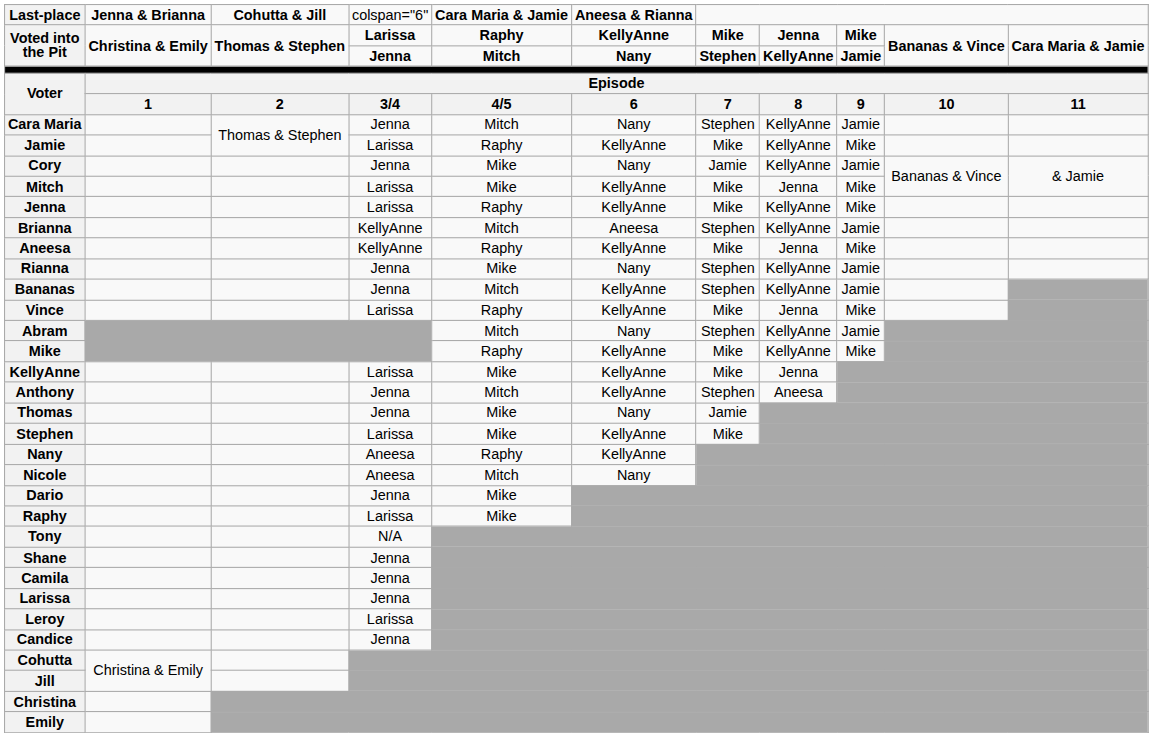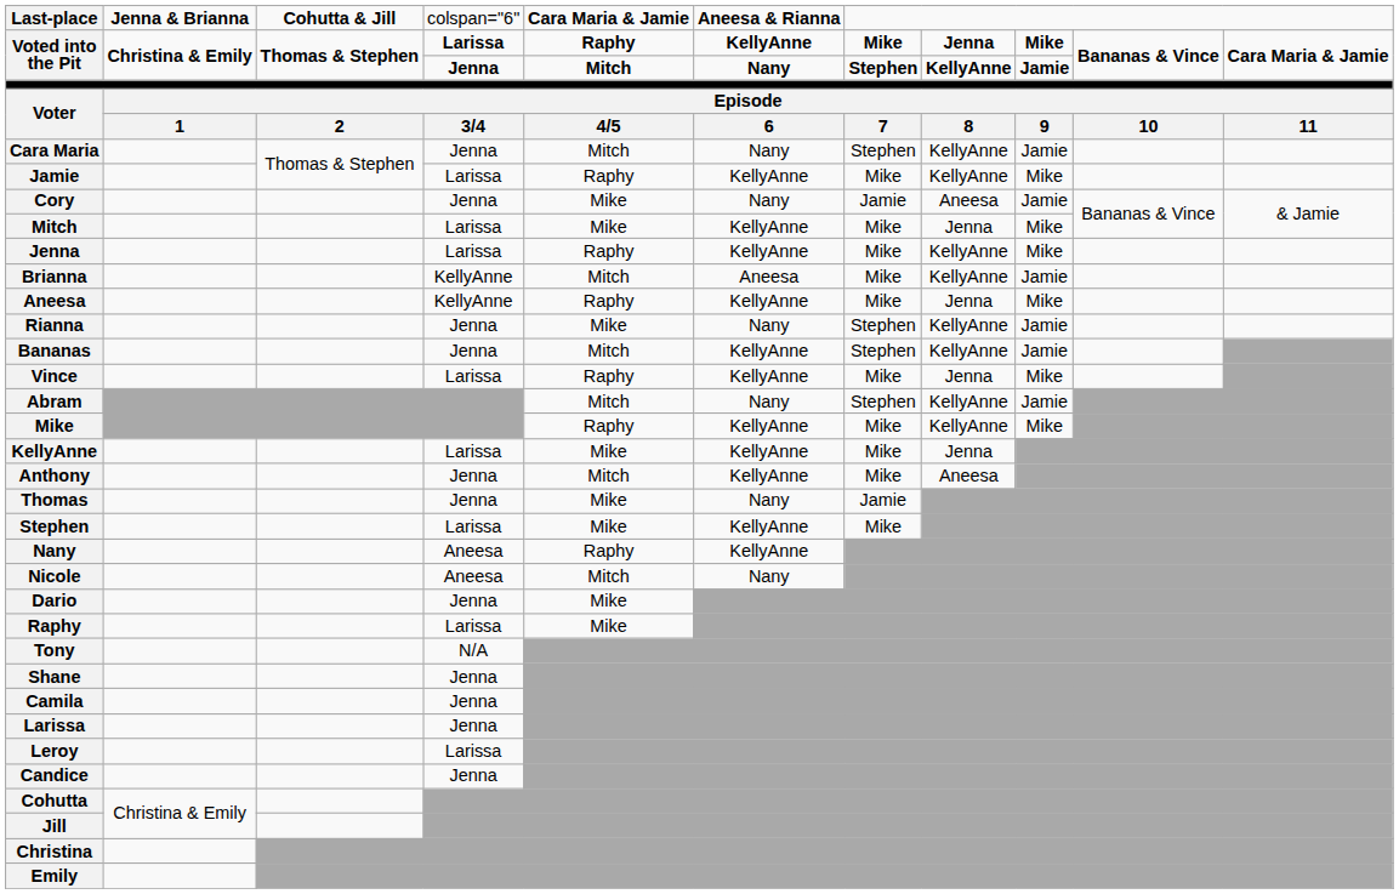 <table class="wikitable" style="text-align:center; line-height:13px; font-size:85%;">
 <tr>
 <th colspan="1" rowspan="1">Last-place</th>
 <td><strong>Jenna & Brianna</strong></td>
 <td><strong>Cohutta & Jill</strong></td>
 <td>colspan="6" </td>
 <td><strong>Cara Maria & Jamie</strong></td>
 <td><strong>Aneesa & Rianna</strong></td>
 </tr>
 <tr>
 <th colspan="1" rowspan="2">Voted into<br>the Pit</th>
 <td rowspan="2"><strong>Christina & Emily</strong><br></td>
 <td rowspan="2"><strong>Thomas & Stephen</strong><br></td>
 <td><strong>Larissa</strong><br></td>
 <td><strong>Raphy</strong><br></td>
 <td><strong>KellyAnne</strong><br></td>
 <td><strong>Mike</strong><br></td>
 <td><strong>Jenna</strong><br></td>
 <td><strong>Mike</strong><br></td>
 <td rowspan=2><strong>Bananas & Vince</strong><br></td>
 <td rowspan="2"><strong>Cara Maria & Jamie </strong><br></td>
 </tr>
 <tr>
 <td><strong>Jenna</strong><br></td>
 <td><strong>Mitch</strong><br></td>
 <td><strong>Nany</strong><br></td>
 <td><strong>Stephen</strong><br></td>
 <td><strong>KellyAnne</strong><br></td>
 <td><strong>Jamie</strong><br></td>
 </tr>
 <tr>
 <th style="background:#000" colspan="13"></th>
 </tr>
 <tr>
 <th colspan=1 rowspan=2>Voter</th>
 <th colspan=10>Episode</th>
 </tr>
 <tr>
 <th>1</th>
 <th>2</th>
 <th>3/4</th>
 <th>4/5</th>
 <th>6</th>
 <th>7</th>
 <th>8</th>
 <th>9</th>
 <th>10</th>
 <th>11</th>
 </tr>
 <tr>
 <th nowrap>Cara Maria</th>
 <td></td>
 <td rowspan="2">Thomas & Stephen</td>
 <td>Jenna</td>
 <td>Mitch</td>
 <td>Nany</td>
 <td>Stephen</td>
 <td>KellyAnne</td>
 <td>Jamie</td>
 <td></td>
 <td></td>
 </tr>
 <tr>
 <th>Jamie</th>
 <td></td>
 <td>Larissa</td>
 <td>Raphy</td>
 <td>KellyAnne</td>
 <td>Mike</td>
 <td>KellyAnne</td>
 <td>Mike</td>
 <td></td>
 <td></td>
 </tr>
 <tr>
 <th>Cory</th>
 <td></td>
 <td></td>
 <td>Jenna</td>
 <td>Mike</td>
 <td>Nany</td>
 <td>Jamie</td>
-<td>KellyAnne</td>
+<td>Aneesa</td>
 <td>Jamie</td>
 <td rowspan="2">Bananas & Vince</td>
 <td rowspan="2"> & Jamie</td>
 </tr>
 <tr>
 <th>Mitch</th>
 <td></td>
 <td></td>
 <td>Larissa</td>
 <td>Mike</td>
 <td>KellyAnne</td>
 <td>Mike</td>
 <td>Jenna</td>
 <td>Mike</td>
 </tr>
 <tr>
 <th>Jenna</th>
 <td></td>
 <td></td>
 <td>Larissa</td>
 <td>Raphy</td>
 <td>KellyAnne</td>
 <td>Mike</td>
 <td>KellyAnne</td>
 <td>Mike</td>
 <td></td>
 <td></td>
 </tr>
 <tr>
 <th>Brianna</th>
 <td></td>
 <td></td>
 <td>KellyAnne</td>
 <td>Mitch</td>
 <td>Aneesa</td>
-<td>Stephen</td>
+<td>Mike</td>
 <td>KellyAnne</td>
 <td>Jamie</td>
 <td></td>
 <td></td>
 </tr>
 <tr>
 <th>Aneesa</th>
 <td></td>
 <td></td>
 <td>KellyAnne</td>
 <td>Raphy</td>
 <td>KellyAnne</td>
 <td>Mike</td>
 <td>Jenna</td>
 <td>Mike</td>
 <td></td>
 <td></td>
 </tr>
 <tr>
 <th>Rianna</th>
 <td></td>
 <td></td>
 <td>Jenna</td>
 <td>Mike</td>
 <td>Nany</td>
 <td>Stephen</td>
 <td>KellyAnne</td>
 <td>Jamie</td>
 <td></td>
 <td></td>
 </tr>
 <tr>
 <th>Bananas</th>
 <td></td>
 <td></td>
 <td>Jenna</td>
 <td>Mitch</td>
 <td>KellyAnne</td>
 <td>Stephen</td>
 <td>KellyAnne</td>
 <td>Jamie</td>
 <td></td>
 <td style="background:darkgray" colspan=1></td>
 </tr>
 <tr>
 <th>Vince</th>
 <td></td>
 <td></td>
 <td>Larissa</td>
 <td>Raphy</td>
 <td>KellyAnne</td>
 <td>Mike</td>
 <td>Jenna</td>
 <td>Mike</td>
 <td></td>
 <td style="background:darkgray" colspan=1></td>
 </tr>
 <tr>
 <th>Abram</th>
 <td style="background:darkgray" rowspan=2 colspan=3></td>
 <td>Mitch</td>
 <td>Nany</td>
 <td>Stephen</td>
 <td>KellyAnne</td>
 <td>Jamie</td>
 <td style="background:darkgray" colspan=2></td>
 </tr>
 <tr>
 <th>Mike</th>
 <td>Raphy</td>
 <td>KellyAnne</td>
 <td>Mike</td>
 <td>KellyAnne</td>
 <td>Mike</td>
 <td style="background:darkgray" colspan=2></td>
 </tr>
 <tr>
 <th>KellyAnne</th>
 <td></td>
 <td></td>
 <td>Larissa</td>
 <td>Mike</td>
 <td>KellyAnne</td>
 <td>Mike</td>
 <td>Jenna</td>
 <td style="background:darkgray" colspan=3></td>
 </tr>
 <tr>
 <th>Anthony</th>
 <td></td>
 <td></td>
 <td>Jenna</td>
 <td>Mitch</td>
 <td>KellyAnne</td>
-<td>Stephen</td>
+<td>Mike</td>
 <td>Aneesa</td>
 <td style="background:darkgray" colspan=3></td>
 </tr>
 <tr>
 <th>Thomas</th>
 <td></td>
 <td></td>
 <td>Jenna</td>
 <td>Mike</td>
 <td>Nany</td>
 <td>Jamie</td>
 <td style="background:darkgray" colspan=4></td>
 </tr>
 <tr>
 <th>Stephen</th>
 <td></td>
 <td></td>
 <td>Larissa</td>
 <td>Mike</td>
 <td>KellyAnne</td>
 <td>Mike</td>
 <td style="background:darkgray" colspan=4></td>
 </tr>
 <tr>
 <th>Nany</th>
 <td></td>
 <td></td>
 <td>Aneesa</td>
 <td>Raphy</td>
 <td>KellyAnne</td>
 <td style="background:darkgray" colspan=5></td>
 </tr>
 <tr>
 <th>Nicole</th>
 <td></td>
 <td></td>
 <td>Aneesa</td>
 <td>Mitch</td>
 <td>Nany</td>
 <td style="background:darkgray" colspan=5></td>
 </tr>
 <tr>
 <th>Dario</th>
 <td></td>
 <td></td>
 <td>Jenna</td>
 <td>Mike</td>
 <td style="background:darkgray" colspan=6></td>
 </tr>
 <tr>
 <th>Raphy</th>
 <td></td>
 <td></td>
 <td>Larissa</td>
 <td>Mike</td>
 <td style="background:darkgray" colspan=6></td>
 </tr>
 <tr>
 <th>Tony</th>
 <td></td>
 <td></td>
 <td>N/A</td>
 <td style="background:darkgray" colspan=7></td>
 </tr>
 <tr>
 <th>Shane</th>
 <td></td>
 <td></td>
 <td>Jenna</td>
 <td style="background:darkgray" colspan=7></td>
 </tr>
 <tr>
 <th>Camila</th>
 <td></td>
 <td></td>
 <td>Jenna</td>
 <td style="background:darkgray" colspan=7></td>
 </tr>
 <tr>
 <th>Larissa</th>
 <td></td>
 <td></td>
 <td>Jenna</td>
 <td style="background:darkgray" colspan=7></td>
 </tr>
 <tr>
 <th>Leroy</th>
 <td></td>
 <td></td>
 <td>Larissa</td>
 <td style="background:darkgray" colspan=7></td>
 </tr>
 <tr>
 <th>Candice</th>
 <td></td>
 <td></td>
 <td>Jenna</td>
 <td style="background:darkgray" colspan=7></td>
 </tr>
 <tr>
 <th>Cohutta</th>
 <td rowspan="2">Christina & Emily</td>
 <td></td>
 <td style="background:darkgray" colspan=8></td>
 </tr>
 <tr>
 <th>Jill</th>
 <td></td>
 <td style="background:darkgray" colspan=8></td>
 </tr>
 <tr>
 <th>Christina</th>
 <td></td>
 <td style="background:darkgray" colspan=9></td>
 </tr>
 <tr>
 <th>Emily</th>
 <td></td>
 <td style="background:darkgray" colspan=9></td>
 </tr>
 </table>
